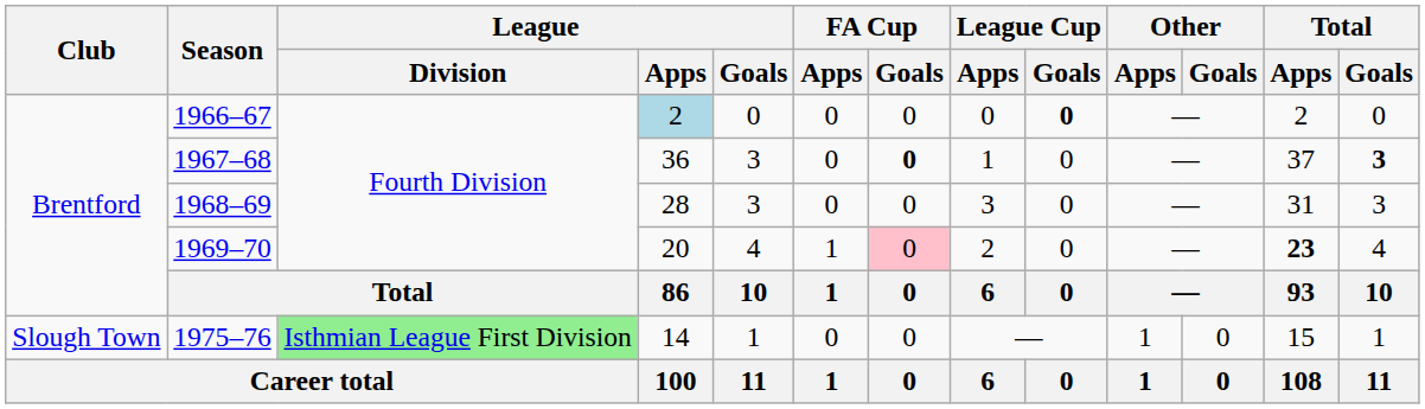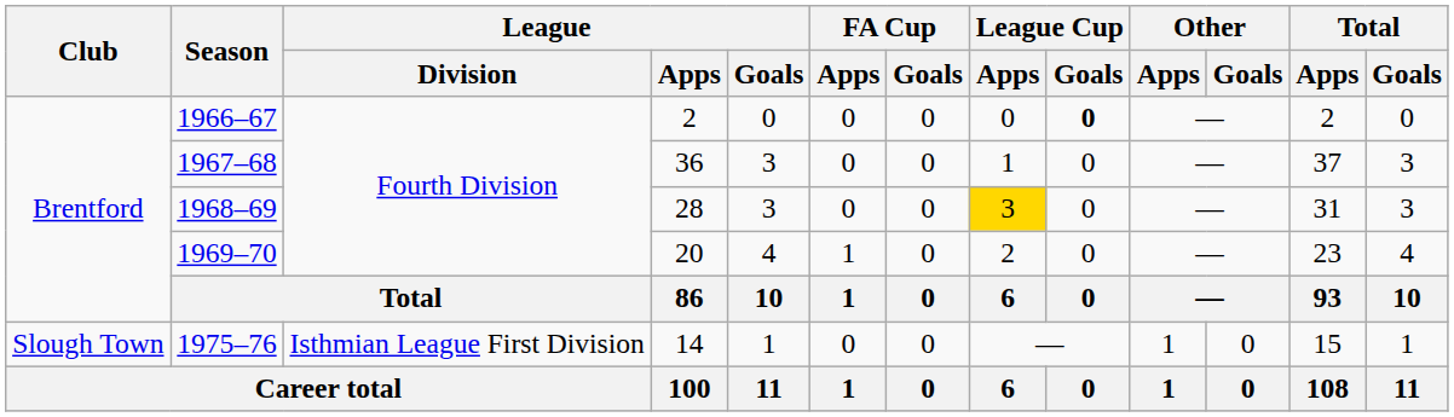 <table class="wikitable" style="text-align: center;">
 <tr>
 <th rowspan="2">Club</th>
 <th rowspan="2">Season</th>
 <th colspan="3">League</th>
 <th colspan="2">FA Cup</th>
 <th colspan="2">League Cup</th>
 <th colspan="2">Other</th>
 <th colspan="2">Total</th>
 </tr>
 <tr>
 <th>Division</th>
 <th>Apps</th>
 <th>Goals</th>
 <th>Apps</th>
 <th>Goals</th>
 <th>Apps</th>
 <th>Goals</th>
 <th>Apps</th>
 <th>Goals</th>
 <th>Apps</th>
 <th>Goals</th>
 </tr>
 <tr>
 <td rowspan="5"><a href='#'>Brentford</a></td>
 <td><a href='#'>1966–67</a></td>
 <td rowspan="4"><a href='#'>Fourth Division</a></td>
-<td style="background: lightblue;">2</td>
+<td>2</td>
 <td>0</td>
 <td>0</td>
 <td>0</td>
 <td>0</td>
 <td><strong>0</strong></td>
 <td colspan="2">—</td>
 <td>2</td>
 <td>0</td>
 </tr>
 <tr>
 <td><a href='#'>1967–68</a></td>
 <td>36</td>
 <td>3</td>
 <td>0</td>
-<td><strong>0</strong></td>
+<td>0</td>
 <td>1</td>
 <td>0</td>
 <td colspan="2">—</td>
 <td>37</td>
-<td><strong>3</strong></td>
+<td>3</td>
 </tr>
 <tr>
 <td><a href='#'>1968–69</a></td>
 <td>28</td>
 <td>3</td>
 <td>0</td>
 <td>0</td>
-<td>3</td>
+<td style="background: gold;">3</td>
 <td>0</td>
 <td colspan="2">—</td>
 <td>31</td>
 <td>3</td>
 </tr>
 <tr>
 <td><a href='#'>1969–70</a></td>
 <td>20</td>
 <td>4</td>
 <td>1</td>
-<td style="background: pink;">0</td>
+<td>0</td>
 <td>2</td>
 <td>0</td>
 <td colspan="2">—</td>
-<td><strong>23</strong></td>
+<td>23</td>
 <td>4</td>
 </tr>
 <tr>
 <th colspan="2">Total</th>
 <th>86</th>
 <th>10</th>
 <th>1</th>
 <th>0</th>
 <th>6</th>
 <th>0</th>
 <th colspan="2">—</th>
 <th>93</th>
 <th>10</th>
 </tr>
 <tr>
 <td><a href='#'>Slough Town</a></td>
 <td><a href='#'>1975–76</a></td>
-<td style="background: lightgreen;"><a href='#'>Isthmian League</a> First Division</td>
+<td><a href='#'>Isthmian League</a> First Division</td>
 <td>14</td>
 <td>1</td>
 <td>0</td>
 <td>0</td>
 <td colspan="2">—</td>
 <td>1</td>
 <td>0</td>
 <td>15</td>
 <td>1</td>
 </tr>
 <tr>
 <th colspan="3">Career total</th>
 <th>100</th>
 <th>11</th>
 <th>1</th>
 <th>0</th>
 <th>6</th>
 <th>0</th>
 <th>1</th>
 <th>0</th>
 <th>108</th>
 <th>11</th>
 </tr>
 </table>
